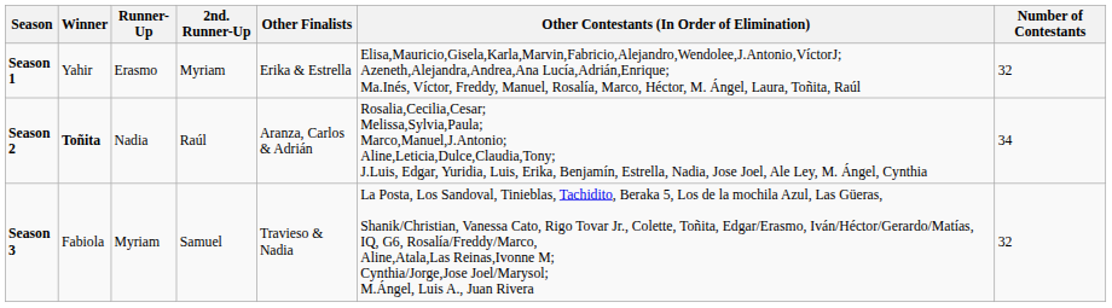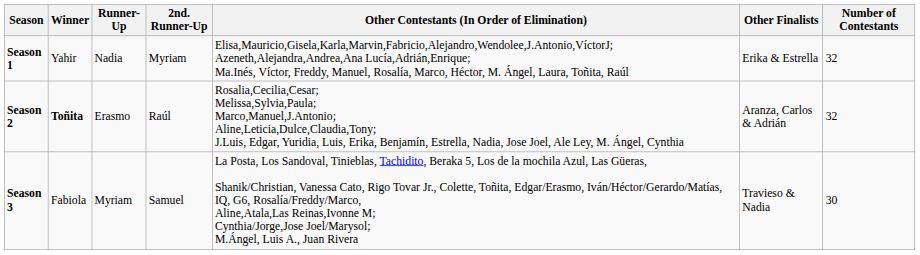 <table class="wikitable">
 <tr>
 <th>Season</th>
 <th>Winner</th>
 <th>Runner-Up</th>
 <th>2nd. Runner-Up</th>
+<th>Other Contestants (In Order of Elimination)</th>
 <th>Other Finalists</th>
-<th>Other Contestants (In Order of Elimination)</th>
 <th>Number of Contestants</th>
 </tr>
 <tr>
 <td><strong>Season 1</strong></td>
 <td>Yahir</td>
-<td>Erasmo</td>
+<td>Nadia</td>
 <td>Myriam</td>
+<td>Elisa,Mauricio,Gisela,Karla,Marvin,Fabricio,Alejandro,Wendolee,J.Antonio,VíctorJ;  <br>Azeneth,Alejandra,Andrea,Ana Lucía,Adrián,Enrique;  <br> Ma.Inés, Víctor, Freddy, Manuel, Rosalía, Marco, Héctor, M. Ángel, Laura, Toñita, Raúl</td>
 <td>Erika & Estrella</td>
-<td>Elisa,Mauricio,Gisela,Karla,Marvin,Fabricio,Alejandro,Wendolee,J.Antonio,VíctorJ;  <br>Azeneth,Alejandra,Andrea,Ana Lucía,Adrián,Enrique;  <br> Ma.Inés, Víctor, Freddy, Manuel, Rosalía, Marco, Héctor, M. Ángel, Laura, Toñita, Raúl</td>
 <td>32</td>
 </tr>
 <tr>
 <td><strong>Season 2</strong></td>
 <td><strong>Toñita</strong></td>
-<td>Nadia</td>
+<td>Erasmo</td>
 <td>Raúl</td>
+<td>Rosalia,Cecilia,Cesar;<br>   Melissa,Sylvia,Paula; <br>  Marco,Manuel,J.Antonio;  <br> Aline,Leticia,Dulce,Claudia,Tony; <br>  J.Luis, Edgar, Yuridia, Luis, Erika, Benjamín, Estrella, Nadia, Jose Joel, Ale Ley, M. Ángel, Cynthia</td>
 <td>Aranza, Carlos & Adrián</td>
-<td>Rosalia,Cecilia,Cesar;<br>   Melissa,Sylvia,Paula; <br>  Marco,Manuel,J.Antonio;  <br> Aline,Leticia,Dulce,Claudia,Tony; <br>  J.Luis, Edgar, Yuridia, Luis, Erika, Benjamín, Estrella, Nadia, Jose Joel, Ale Ley, M. Ángel, Cynthia</td>
-<td>34</td>
+<td>32</td>
 </tr>
 <tr>
 <td><strong>Season 3</strong></td>
 <td>Fabiola</td>
 <td>Myriam</td>
 <td>Samuel</td>
+<td>La Posta, Los Sandoval, Tinieblas, <a href='#'>Tachidito</a>, Beraka 5, Los de la mochila Azul, Las Güeras, <br><br>Shanik/Christian, Vanessa Cato, Rigo Tovar Jr., Colette, Toñita, Edgar/Erasmo, Iván/Héctor/Gerardo/Matías, IQ, G6, Rosalía/Freddy/Marco, <br>  Aline,Atala,Las Reinas,Ivonne M;  <br> Cynthia/Jorge,Jose Joel/Marysol;  <br> M.Ángel, Luis A., Juan Rivera</td>
 <td>Travieso & Nadia</td>
-<td>La Posta, Los Sandoval, Tinieblas, <a href='#'>Tachidito</a>, Beraka 5, Los de la mochila Azul, Las Güeras, <br><br>Shanik/Christian, Vanessa Cato, Rigo Tovar Jr., Colette, Toñita, Edgar/Erasmo, Iván/Héctor/Gerardo/Matías, IQ, G6, Rosalía/Freddy/Marco, <br>  Aline,Atala,Las Reinas,Ivonne M;  <br> Cynthia/Jorge,Jose Joel/Marysol;  <br> M.Ángel, Luis A., Juan Rivera</td>
-<td>32</td>
+<td>30</td>
 </tr>
 </table>
